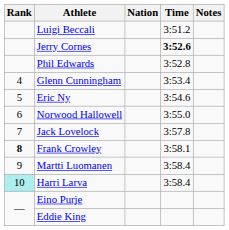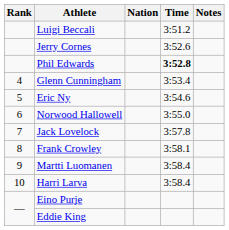 <table class="wikitable sortable" style="text-align:center">
 <tr>
 <th>Rank</th>
 <th>Athlete</th>
 <th>Nation</th>
 <th>Time</th>
 <th>Notes</th>
 </tr>
 <tr>
 <td></td>
 <td align=left><a href='#'>Luigi Beccali</a></td>
 <td align=left></td>
 <td>3:51.2</td>
 <td></td>
 </tr>
 <tr>
 <td></td>
 <td align=left><a href='#'>Jerry Cornes</a></td>
 <td align=left></td>
-<td><strong>3:52.6</strong></td>
+<td>3:52.6</td>
 <td></td>
 </tr>
 <tr>
 <td></td>
 <td align=left><a href='#'>Phil Edwards</a></td>
 <td align=left></td>
-<td>3:52.8</td>
+<td><strong>3:52.8</strong></td>
 <td></td>
 </tr>
 <tr>
 <td>4</td>
 <td align=left><a href='#'>Glenn Cunningham</a></td>
 <td align=left></td>
 <td>3:53.4</td>
 <td></td>
 </tr>
 <tr>
 <td>5</td>
 <td align=left><a href='#'>Eric Ny</a></td>
 <td align=left></td>
 <td>3:54.6</td>
 <td></td>
 </tr>
 <tr>
 <td>6</td>
 <td align=left><a href='#'>Norwood Hallowell</a></td>
 <td align=left></td>
 <td>3:55.0</td>
 <td></td>
 </tr>
 <tr>
 <td>7</td>
 <td align=left><a href='#'>Jack Lovelock</a></td>
 <td align=left></td>
 <td>3:57.8</td>
 <td></td>
 </tr>
 <tr>
-<td><strong>8</strong></td>
+<td>8</td>
 <td align=left><a href='#'>Frank Crowley</a></td>
 <td align=left></td>
 <td>3:58.1</td>
 <td></td>
 </tr>
 <tr>
 <td>9</td>
 <td align=left><a href='#'>Martti Luomanen</a></td>
 <td align=left></td>
 <td>3:58.4</td>
 <td></td>
 </tr>
 <tr>
-<td style="background: paleturquoise;">10</td>
+<td>10</td>
 <td align=left><a href='#'>Harri Larva</a></td>
 <td align=left></td>
 <td>3:58.4</td>
 <td></td>
 </tr>
 <tr>
 <td rowspan=2 data-sort-value=11>—</td>
 <td align=left><a href='#'>Eino Purje</a></td>
 <td align=left></td>
 <td data-sort-value=9:99.99></td>
 <td></td>
 </tr>
 <tr>
 <td align=left><a href='#'>Eddie King</a></td>
 <td align=left></td>
 <td data-sort-value=9:99.99></td>
 <td></td>
 </tr>
 </table>
